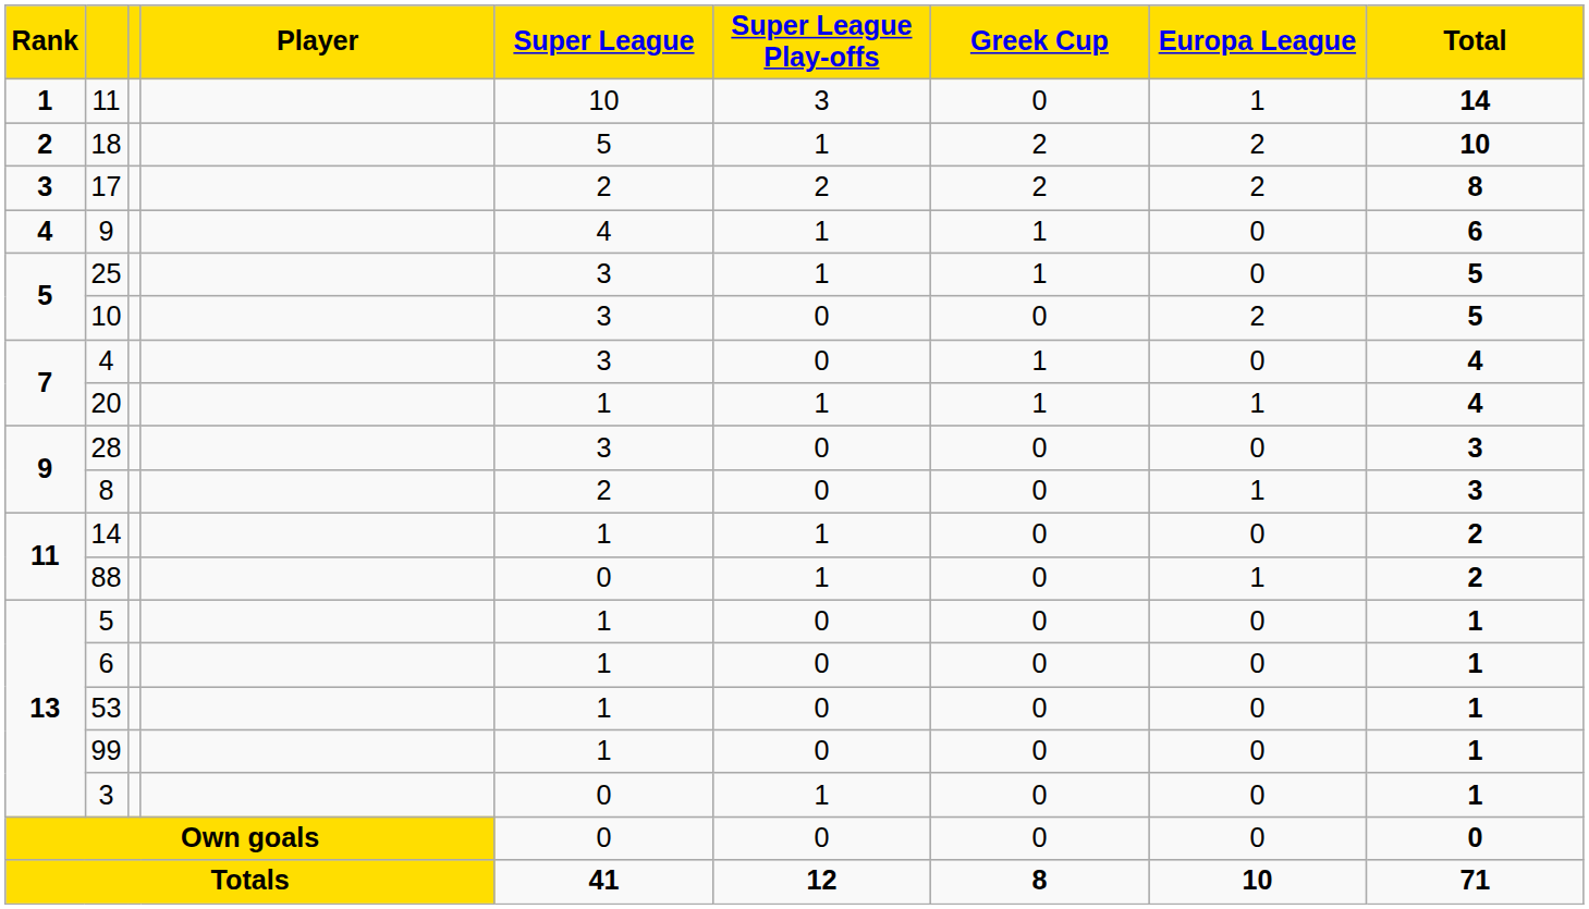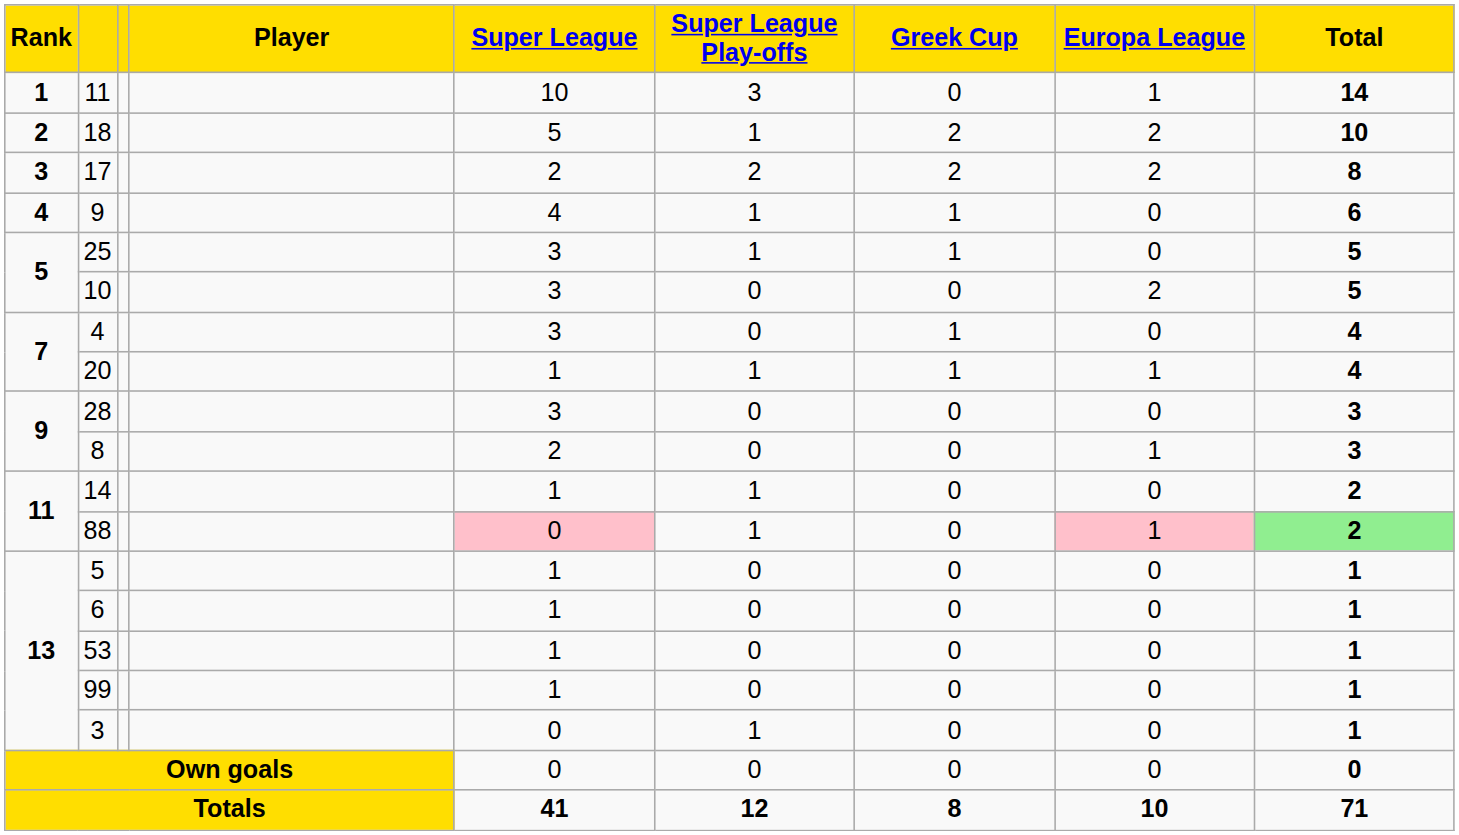 <table class="wikitable sortable" style="text-align: center">
 <tr>
 <th style="background:#FFDE00">Rank</th>
 <th style="background:#FFDE00"></th>
 <th style="background:#FFDE00"></th>
 <th width=200 style="background:#FFDE00">Player</th>
 <th width=120 style="background:#FFDE00"><a href='#'>Super League</a></th>
 <th width=120 style="background:#FFDE00"><a href='#'>Super League Play-offs</a></th>
 <th width=120 style="background:#FFDE00"><a href='#'>Greek Cup</a></th>
 <th width=120 style="background:#FFDE00"><a href='#'>Europa League</a></th>
 <th width=120 style="background:#FFDE00">Total</th>
 </tr>
 <tr>
 <td><strong>1</strong></td>
 <td>11</td>
 <td></td>
 <td align=left></td>
 <td>10</td>
 <td>3</td>
 <td>0</td>
 <td>1</td>
 <td><strong>14</strong></td>
 </tr>
 <tr>
 <td><strong>2</strong></td>
 <td>18</td>
 <td></td>
 <td align=left></td>
 <td>5</td>
 <td>1</td>
 <td>2</td>
 <td>2</td>
 <td><strong>10</strong></td>
 </tr>
 <tr>
 <td><strong>3</strong></td>
 <td>17</td>
 <td></td>
 <td align=left></td>
 <td>2</td>
 <td>2</td>
 <td>2</td>
 <td>2</td>
 <td><strong>8</strong></td>
 </tr>
 <tr>
 <td><strong>4</strong></td>
 <td>9</td>
 <td></td>
 <td align=left></td>
 <td>4</td>
 <td>1</td>
 <td>1</td>
 <td>0</td>
 <td><strong>6</strong></td>
 </tr>
 <tr>
 <td rowspan=2><strong>5</strong></td>
 <td>25</td>
 <td></td>
 <td align=left></td>
 <td>3</td>
 <td>1</td>
 <td>1</td>
 <td>0</td>
 <td><strong>5</strong></td>
 </tr>
 <tr>
 <td>10</td>
 <td></td>
 <td align=left></td>
 <td>3</td>
 <td>0</td>
 <td>0</td>
 <td>2</td>
 <td><strong>5</strong></td>
 </tr>
 <tr>
 <td rowspan=2><strong>7</strong></td>
 <td>4</td>
 <td></td>
 <td align=left></td>
 <td>3</td>
 <td>0</td>
 <td>1</td>
 <td>0</td>
 <td><strong>4</strong></td>
 </tr>
 <tr>
 <td>20</td>
 <td></td>
 <td align=left></td>
 <td>1</td>
 <td>1</td>
 <td>1</td>
 <td>1</td>
 <td><strong>4</strong></td>
 </tr>
 <tr>
 <td rowspan=2><strong>9</strong></td>
 <td>28</td>
 <td></td>
 <td align=left></td>
 <td>3</td>
 <td>0</td>
 <td>0</td>
 <td>0</td>
 <td><strong>3</strong></td>
 </tr>
 <tr>
 <td>8</td>
 <td></td>
 <td align=left></td>
 <td>2</td>
 <td>0</td>
 <td>0</td>
 <td>1</td>
 <td><strong>3</strong></td>
 </tr>
 <tr>
 <td rowspan=2><strong>11</strong></td>
 <td>14</td>
 <td></td>
 <td align=left></td>
 <td>1</td>
 <td>1</td>
 <td>0</td>
 <td>0</td>
 <td><strong>2</strong></td>
 </tr>
 <tr>
 <td>88</td>
 <td></td>
 <td align=left></td>
-<td>0</td>
+<td style="background: pink;">0</td>
 <td>1</td>
 <td>0</td>
-<td>1</td>
-<td><strong>2</strong></td>
+<td style="background: pink;">1</td>
+<td style="background: lightgreen;"><strong>2</strong></td>
 </tr>
 <tr>
 <td rowspan=5><strong>13</strong></td>
 <td>5</td>
 <td></td>
 <td align=left></td>
 <td>1</td>
 <td>0</td>
 <td>0</td>
 <td>0</td>
 <td><strong>1</strong></td>
 </tr>
 <tr>
 <td>6</td>
 <td></td>
 <td align=left></td>
 <td>1</td>
 <td>0</td>
 <td>0</td>
 <td>0</td>
 <td><strong>1</strong></td>
 </tr>
 <tr>
 <td>53</td>
 <td></td>
 <td align=left></td>
 <td>1</td>
 <td>0</td>
 <td>0</td>
 <td>0</td>
 <td><strong>1</strong></td>
 </tr>
 <tr>
 <td>99</td>
 <td></td>
 <td align=left></td>
 <td>1</td>
 <td>0</td>
 <td>0</td>
 <td>0</td>
 <td><strong>1</strong></td>
 </tr>
 <tr>
 <td>3</td>
 <td></td>
 <td align=left></td>
 <td>0</td>
 <td>1</td>
 <td>0</td>
 <td>0</td>
 <td><strong>1</strong></td>
 </tr>
 <tr class="sortbottom">
 <td colspan=4 style="background:#FFDE00"><strong>Own goals</strong></td>
 <td>0</td>
 <td>0</td>
 <td>0</td>
 <td>0</td>
 <td><strong>0</strong></td>
 </tr>
 <tr class="sortbottom">
 <th colspan=4 style="background:#FFDE00"><strong>Totals</strong></th>
 <td><strong>41</strong></td>
 <td><strong>12</strong></td>
 <td><strong> 8</strong></td>
 <td><strong>10</strong></td>
 <td><strong>71</strong></td>
 </tr>
 </table>
